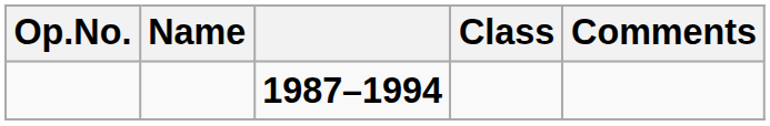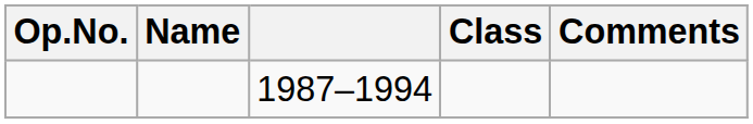 <table class="wikitable">
 <tr>
 <th>Op.No.</th>
 <th>Name</th>
 <th></th>
 <th>Class</th>
 <th>Comments</th>
 </tr>
 <tr>
 <td></td>
 <td></td>
-<td><strong>1987–1994</strong></td>
+<td>1987–1994</td>
 <td></td>
 <td></td>
 </tr>
 <tr>
 </tr>
 </table>
